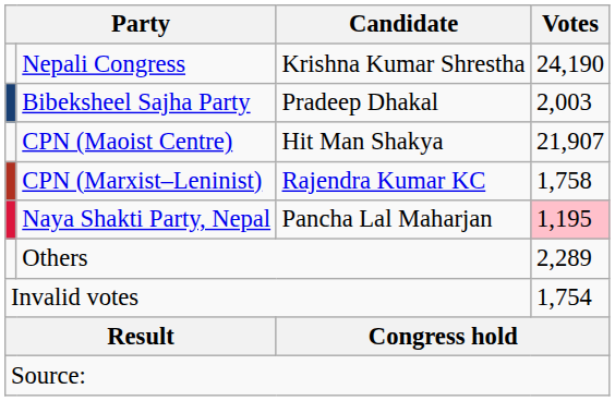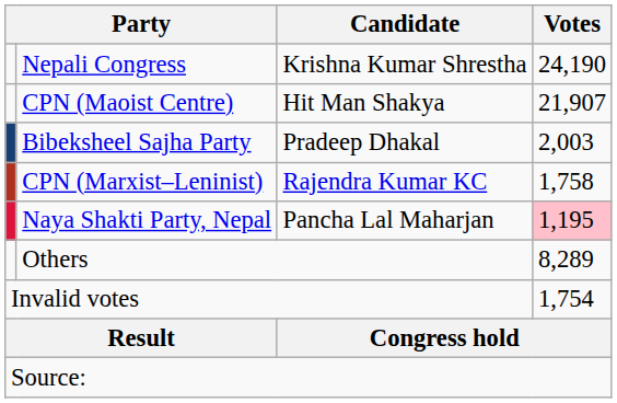 <table class="wikitable">
 <tr>
 <th colspan="2">Party</th>
 <th>Candidate</th>
 <th>Votes</th>
 </tr>
 <tr>
 <td style="background-color:"></td>
 <td><a href='#'>Nepali Congress</a></td>
 <td>Krishna Kumar Shrestha</td>
 <td>24,190</td>
 </tr>
 <tr>
+<td style="background-color:"></td>
+<td><a href='#'>CPN (Maoist Centre)</a></td>
+<td>Hit Man Shakya</td>
+<td>21,907</td>
+</tr>
+<tr>
 <td style="background-color:#183F73"></td>
 <td><a href='#'>Bibeksheel Sajha Party</a></td>
 <td>Pradeep Dhakal</td>
 <td>2,003</td>
-</tr>
-<tr>
-<td style="background-color:"></td>
-<td><a href='#'>CPN (Maoist Centre)</a></td>
-<td>Hit Man Shakya</td>
-<td>21,907</td>
 </tr>
 <tr>
 <td style="background-color:#B03020"></td>
 <td><a href='#'>CPN (Marxist–Leninist)</a></td>
 <td><a href='#'>Rajendra Kumar KC</a></td>
 <td>1,758</td>
 </tr>
 <tr>
 <td style="background-color:crimson"></td>
 <td><a href='#'>Naya Shakti Party, Nepal</a></td>
 <td>Pancha Lal Maharjan</td>
 <td style="background: pink;">1,195</td>
 </tr>
 <tr>
 <td></td>
 <td colspan="2">Others</td>
-<td>2,289</td>
+<td>8,289</td>
 </tr>
 <tr>
 <td colspan="3">Invalid votes</td>
 <td>1,754</td>
 </tr>
 <tr>
 <th colspan="2">Result</th>
 <th colspan="2">Congress hold</th>
 </tr>
 <tr>
 <td colspan="4">Source: </td>
 </tr>
 </table>
